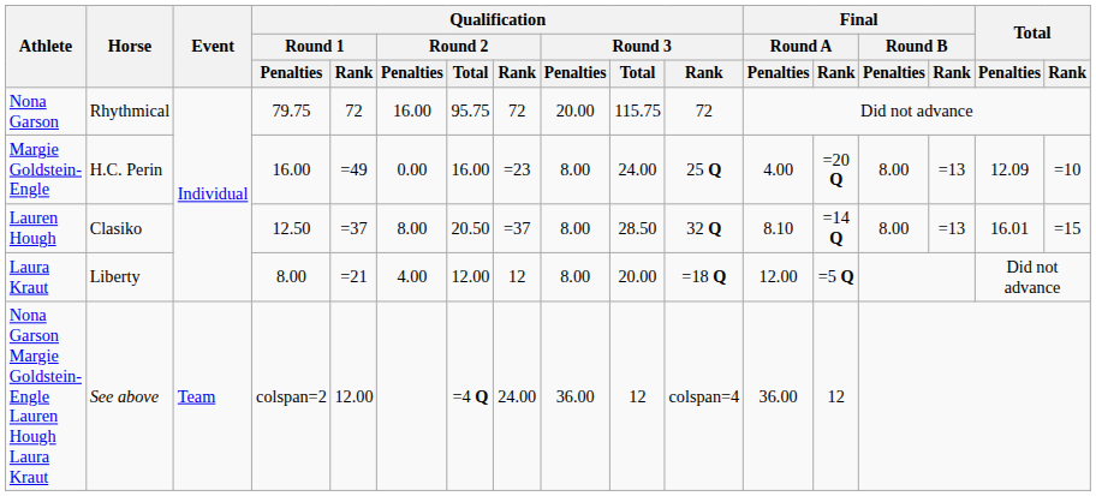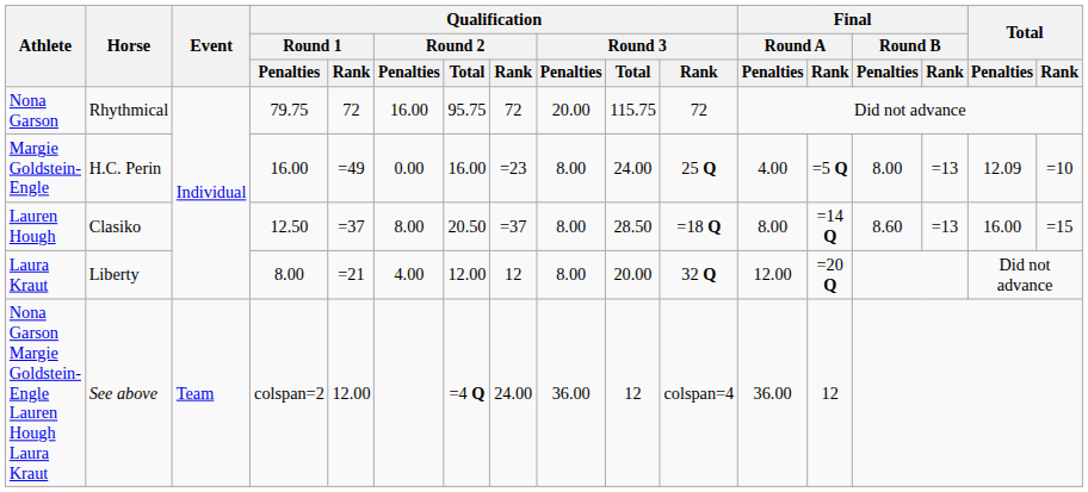 <table class=wikitable style=font-size:90%;text-align:center>
 <tr>
 <th rowspan=3>Athlete</th>
 <th rowspan=3>Horse</th>
 <th rowspan=3>Event</th>
 <th colspan=8>Qualification</th>
 <th colspan=4>Final</th>
 <th rowspan=2 colspan=2>Total</th>
 </tr>
 <tr style=font-size:95%>
 <th colspan=2>Round 1</th>
 <th colspan=3>Round 2</th>
 <th colspan=3>Round 3</th>
 <th colspan=2>Round A</th>
 <th colspan=2>Round B</th>
 </tr>
 <tr style=font-size:95%>
 <th>Penalties</th>
 <th>Rank</th>
 <th>Penalties</th>
 <th>Total</th>
 <th>Rank</th>
 <th>Penalties</th>
 <th>Total</th>
 <th>Rank</th>
 <th>Penalties</th>
 <th>Rank</th>
 <th>Penalties</th>
 <th>Rank</th>
 <th>Penalties</th>
 <th>Rank</th>
 </tr>
 <tr>
 <td align=left><a href='#'>Nona Garson</a></td>
 <td align=left>Rhythmical</td>
 <td align=left rowspan=4><a href='#'>Individual</a></td>
 <td>79.75</td>
 <td>72</td>
 <td>16.00</td>
 <td>95.75</td>
 <td>72</td>
 <td>20.00</td>
 <td>115.75</td>
 <td>72</td>
 <td colspan=6>Did not advance</td>
 </tr>
 <tr>
 <td align=left><a href='#'>Margie Goldstein-Engle</a></td>
 <td align=left>H.C. Perin</td>
 <td>16.00</td>
 <td>=49</td>
 <td>0.00</td>
 <td>16.00</td>
 <td>=23</td>
 <td>8.00</td>
 <td>24.00</td>
 <td>25 <strong>Q</strong></td>
 <td>4.00</td>
-<td>=20 <strong>Q</strong></td>
+<td>=5 <strong>Q</strong></td>
 <td>8.00</td>
 <td>=13</td>
 <td>12.09</td>
 <td>=10</td>
 </tr>
 <tr>
 <td align=left><a href='#'>Lauren Hough</a></td>
 <td align=left>Clasiko</td>
 <td>12.50</td>
 <td>=37</td>
 <td>8.00</td>
 <td>20.50</td>
 <td>=37</td>
 <td>8.00</td>
 <td>28.50</td>
-<td>32 <strong>Q</strong></td>
-<td>8.10</td>
+<td>=18 <strong>Q</strong></td>
+<td>8.00</td>
 <td>=14 <strong>Q</strong></td>
-<td>8.00</td>
+<td>8.60</td>
 <td>=13</td>
-<td>16.01</td>
+<td>16.00</td>
 <td>=15</td>
 </tr>
 <tr>
 <td align=left><a href='#'>Laura Kraut</a></td>
 <td align=left>Liberty</td>
 <td>8.00</td>
 <td>=21</td>
 <td>4.00</td>
 <td>12.00</td>
 <td>12</td>
 <td>8.00</td>
 <td>20.00</td>
-<td>=18 <strong>Q</strong></td>
+<td>32 <strong>Q</strong></td>
 <td>12.00</td>
-<td>=5 <strong>Q</strong></td>
+<td>=20 <strong>Q</strong></td>
 <td colspan=2></td>
 <td colspan=2>Did not advance</td>
 </tr>
 <tr>
 <td align=left><a href='#'>Nona Garson</a><br><a href='#'>Margie Goldstein-Engle</a><br><a href='#'>Lauren Hough</a><br><a href='#'>Laura Kraut</a></td>
 <td align=left><em>See above</em></td>
 <td align=left><a href='#'>Team</a></td>
 <td>colspan=2 </td>
 <td>12.00</td>
 <td></td>
 <td>=4 <strong>Q</strong></td>
 <td>24.00</td>
 <td>36.00</td>
 <td>12</td>
 <td>colspan=4 </td>
 <td>36.00</td>
 <td>12</td>
 </tr>
 </table>
